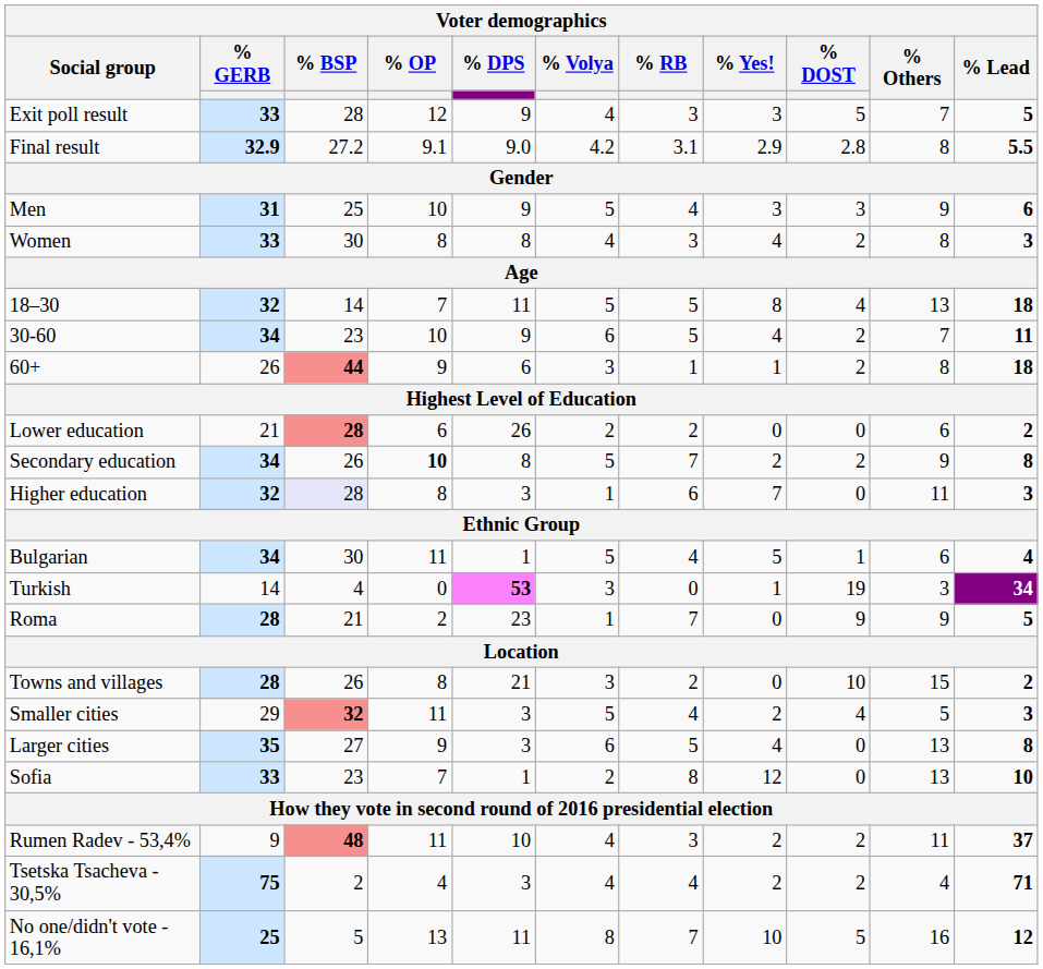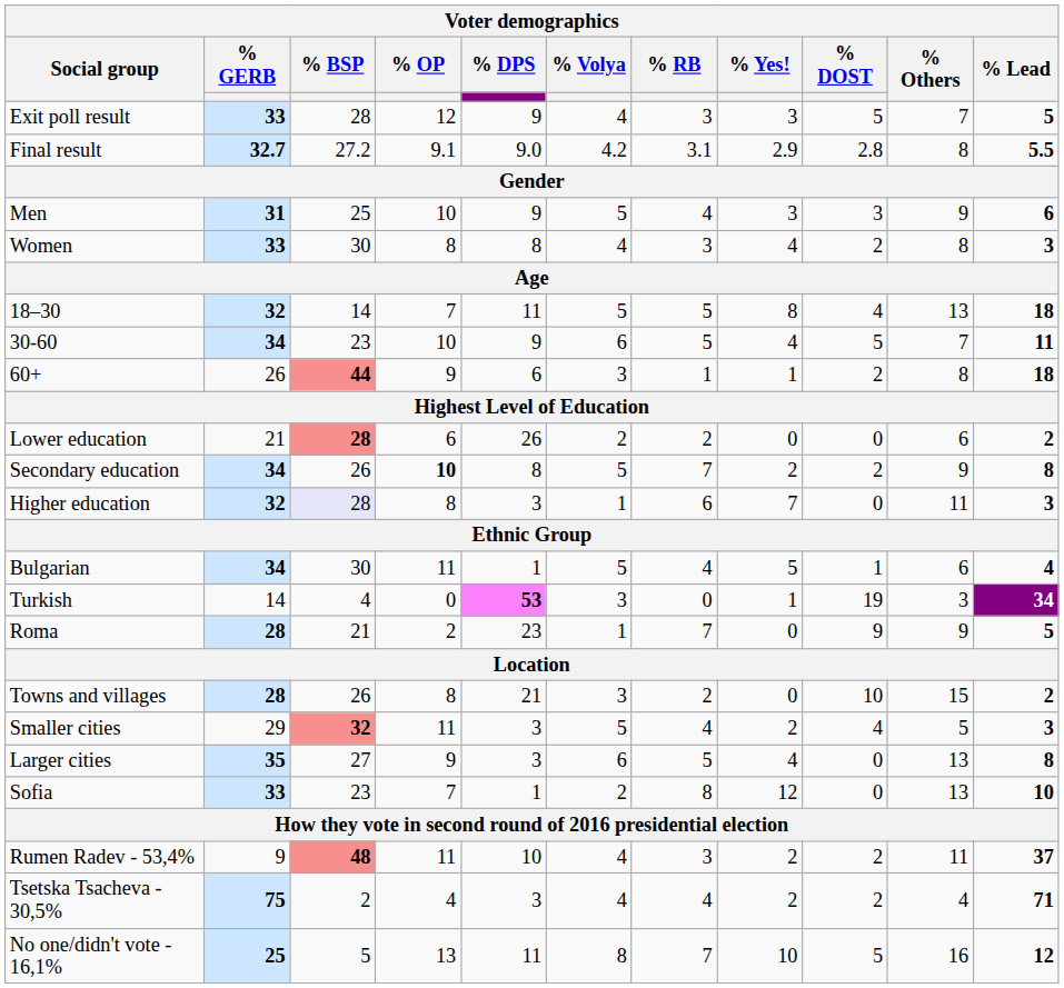 <table class=wikitable>
 <tr>
 <th colspan="11">Voter demographics</th>
 </tr>
 <tr>
 <th style="width:150px;" rowspan="2">Social group</th>
 <th style="width:60px;" class="unsortable">% <a href='#'>GERB</a></th>
 <th style="width:60px;" class="unsortable">% <a href='#'>BSP</a></th>
 <th style="width:60px;" class="unsortable">% <a href='#'>OP</a></th>
 <th style="width:60px;" class="unsortable">% <a href='#'>DPS</a></th>
 <th style="width:60px;" class="unsortable">% <a href='#'>Volya</a></th>
 <th style="width:60px;" class="unsortable">% <a href='#'>RB</a></th>
 <th style="width:60px;" class="unsortable">% <a href='#'>Yes!</a></th>
 <th style="width:60px;" class="unsortable">% <a href='#'>DOST</a></th>
 <th style="width:60px;" rowspan="2" class="unsortable">% Others</th>
 <th style="width:60px;" rowspan="2" class="unsortable">% Lead</th>
 </tr>
 <tr>
 <th class="unsortable" style="color:inherit;background:"></th>
 <th class="unsortable" style="color:inherit;background:"></th>
 <th class="unsortable" style="color:inherit;background:"></th>
 <th class="unsortable" style="color:inherit;background:#800080;  width:60px;"></th>
 <th class="unsortable" style="color:inherit;background:"></th>
 <th class="unsortable" style="color:inherit;background:"></th>
 <th class="unsortable" style="color:inherit;background:"></th>
 <th class="unsortable" style="color:inherit;background:"></th>
 </tr>
 <tr>
 <td>Exit poll result</td>
 <td style="text-align:right; background:#CCE6FF;"><strong>33</strong></td>
 <td style="text-align:right;">28</td>
 <td style="text-align:right;">12</td>
 <td style="text-align:right;">9</td>
 <td style="text-align:right;">4</td>
 <td style="text-align:right;">3</td>
 <td style="text-align:right;">3</td>
 <td style="text-align:right;">5</td>
 <td style="text-align:right;">7</td>
 <td style="text-align:right; background:"><strong>5</strong></td>
 </tr>
 <tr>
 <td>Final result</td>
-<td style="text-align:right; background:#CCE6FF;"><strong>32.9</strong></td>
+<td style="text-align:right; background:#CCE6FF;"><strong>32.7</strong></td>
 <td style="text-align:right;">27.2</td>
 <td style="text-align:right;">9.1</td>
 <td style="text-align:right;">9.0</td>
 <td style="text-align:right;">4.2</td>
 <td style="text-align:right;">3.1</td>
 <td style="text-align:right;">2.9</td>
 <td style="text-align:right;">2.8</td>
 <td style="text-align:right;">8</td>
 <td style="text-align:right; background:"><strong>5.5</strong></td>
 </tr>
 <tr>
 <th colspan="11">Gender</th>
 </tr>
 <tr>
 <td>Men</td>
 <td style="text-align:right; background:#CCE6FF;"><strong>31</strong></td>
 <td style="text-align:right;">25</td>
 <td style="text-align:right;">10</td>
 <td style="text-align:right;">9</td>
 <td style="text-align:right;">5</td>
 <td style="text-align:right;">4</td>
 <td style="text-align:right;">3</td>
 <td style="text-align:right;">3</td>
 <td style="text-align:right;">9</td>
 <td style="text-align:right; background:"><strong>6</strong></td>
 </tr>
 <tr>
 <td>Women</td>
 <td style="text-align:right; background:#CCE6FF;"><strong>33</strong></td>
 <td style="text-align:right;">30</td>
 <td style="text-align:right;">8</td>
 <td style="text-align:right;">8</td>
 <td style="text-align:right;">4</td>
 <td style="text-align:right;">3</td>
 <td style="text-align:right;">4</td>
 <td style="text-align:right;">2</td>
 <td style="text-align:right;">8</td>
 <td style="text-align:right; background:"><strong>3</strong></td>
 </tr>
 <tr>
 <th colspan="11">Age</th>
 </tr>
 <tr>
 <td>18–30</td>
 <td style="text-align:right; background:#CCE6FF;"><strong>32</strong></td>
 <td style="text-align:right;">14</td>
 <td style="text-align:right;">7</td>
 <td style="text-align:right;">11</td>
 <td style="text-align:right;">5</td>
 <td style="text-align:right;">5</td>
 <td style="text-align:right;">8</td>
 <td style="text-align:right;">4</td>
 <td style="text-align:right;">13</td>
 <td style="text-align:right; background:"><strong>18</strong></td>
 </tr>
 <tr>
 <td>30-60</td>
 <td style="text-align:right; background:#CCE6FF;"><strong>34</strong></td>
 <td style="text-align:right;">23</td>
 <td style="text-align:right;">10</td>
 <td style="text-align:right;">9</td>
 <td style="text-align:right;">6</td>
 <td style="text-align:right;">5</td>
 <td style="text-align:right;">4</td>
-<td style="text-align:right;">2</td>
+<td style="text-align:right;">5</td>
 <td style="text-align:right;">7</td>
 <td style="text-align:right; background:"><strong>11</strong></td>
 </tr>
 <tr>
 <td>60+</td>
 <td style="text-align:right;">26</td>
 <td style="text-align:right; background:#F78F8F;"><strong>44</strong></td>
 <td style="text-align:right;">9</td>
 <td style="text-align:right;">6</td>
 <td style="text-align:right;">3</td>
 <td style="text-align:right;">1</td>
 <td style="text-align:right;">1</td>
 <td style="text-align:right;">2</td>
 <td style="text-align:right;">8</td>
 <td style="text-align:right; background:"><strong>18</strong></td>
 </tr>
 <tr>
 <th colspan="11">Highest Level of Education</th>
 </tr>
 <tr>
 <td>Lower education</td>
 <td style="text-align:right;">21</td>
 <td style="text-align:right; background:#F78F8F;"><strong>28</strong></td>
 <td style="text-align:right;">6</td>
 <td style="text-align:right;">26</td>
 <td style="text-align:right;">2</td>
 <td style="text-align:right;">2</td>
 <td style="text-align:right;">0</td>
 <td style="text-align:right;">0</td>
 <td style="text-align:right;">6</td>
 <td style="text-align:right; background:"><strong>2</strong></td>
 </tr>
 <tr>
 <td>Secondary education</td>
 <td style="text-align:right; background:#CCE6FF;"><strong>34</strong></td>
 <td style="text-align:right;">26</td>
 <td style="text-align:right;"><strong>10</strong></td>
 <td style="text-align:right;">8</td>
 <td style="text-align:right;">5</td>
 <td style="text-align:right;">7</td>
 <td style="text-align:right;">2</td>
 <td style="text-align:right;">2</td>
 <td style="text-align:right;">9</td>
 <td style="text-align:right; background:"><strong>8</strong></td>
 </tr>
 <tr>
 <td>Higher education</td>
 <td style="text-align:right; background:#CCE6FF;"><strong>32</strong></td>
 <td style="background: lavender; text-align:right;">28</td>
 <td style="text-align:right;">8</td>
 <td style="text-align:right;">3</td>
 <td style="text-align:right;">1</td>
 <td style="text-align:right;">6</td>
 <td style="text-align:right;">7</td>
 <td style="text-align:right;">0</td>
 <td style="text-align:right;">11</td>
 <td style="text-align:right; background:"><strong>3</strong></td>
 </tr>
 <tr>
 <th colspan="11">Ethnic Group</th>
 </tr>
 <tr>
 <td>Bulgarian</td>
 <td style="text-align:right; background:#CCE6FF;"><strong>34</strong></td>
 <td style="text-align:right;">30</td>
 <td style="text-align:right;">11</td>
 <td style="text-align:right;">1</td>
 <td style="text-align:right;">5</td>
 <td style="text-align:right;">4</td>
 <td style="text-align:right;">5</td>
 <td style="text-align:right;">1</td>
 <td style="text-align:right;">6</td>
 <td style="text-align:right; background:"><strong>4</strong></td>
 </tr>
 <tr>
 <td>Turkish</td>
 <td style="text-align:right;">14</td>
 <td style="text-align:right;">4</td>
 <td style="text-align:right;">0</td>
 <td style="text-align:right; background:#FC81FC"><strong>53</strong></td>
 <td style="text-align:right;">3</td>
 <td style="text-align:right;">0</td>
 <td style="text-align:right;">1</td>
 <td style="text-align:right;">19</td>
 <td style="text-align:right;">3</td>
 <td style="text-align:right; background:#800080; color:white;"><strong>34</strong></td>
 </tr>
 <tr>
 <td>Roma</td>
 <td style="text-align:right; background:#CCE6FF;"><strong>28</strong></td>
 <td style="text-align:right;">21</td>
 <td style="text-align:right;">2</td>
 <td style="text-align:right;">23</td>
 <td style="text-align:right;">1</td>
 <td style="text-align:right;">7</td>
 <td style="text-align:right;">0</td>
 <td style="text-align:right;">9</td>
 <td style="text-align:right;">9</td>
 <td style="text-align:right; background:"><strong>5</strong></td>
 </tr>
 <tr>
 <th colspan="11">Location</th>
 </tr>
 <tr>
 <td>Towns and villages</td>
 <td style="text-align:right; background:#CCE6FF;"><strong>28</strong></td>
 <td style="text-align:right;">26</td>
 <td style="text-align:right;">8</td>
 <td style="text-align:right;">21</td>
 <td style="text-align:right;">3</td>
 <td style="text-align:right;">2</td>
 <td style="text-align:right;">0</td>
 <td style="text-align:right;">10</td>
 <td style="text-align:right;">15</td>
 <td style="text-align:right; background:"><strong>2</strong></td>
 </tr>
 <tr>
 <td>Smaller cities</td>
 <td style="text-align:right;">29</td>
 <td style="text-align:right; background:#F78F8F;"><strong>32</strong></td>
 <td style="text-align:right;">11</td>
 <td style="text-align:right;">3</td>
 <td style="text-align:right;">5</td>
 <td style="text-align:right;">4</td>
 <td style="text-align:right;">2</td>
 <td style="text-align:right;">4</td>
 <td style="text-align:right;">5</td>
 <td style="text-align:right; background:"><strong>3</strong></td>
 </tr>
 <tr>
 <td>Larger cities</td>
 <td style="text-align:right; background:#CCE6FF;"><strong>35</strong></td>
 <td style="text-align:right;">27</td>
 <td style="text-align:right;">9</td>
 <td style="text-align:right;">3</td>
 <td style="text-align:right;">6</td>
 <td style="text-align:right;">5</td>
 <td style="text-align:right;">4</td>
 <td style="text-align:right;">0</td>
 <td style="text-align:right;">13</td>
 <td style="text-align:right; background:"><strong>8</strong></td>
 </tr>
 <tr>
 <td>Sofia</td>
 <td style="text-align:right; background:#CCE6FF;"><strong>33</strong></td>
 <td style="text-align:right;">23</td>
 <td style="text-align:right;">7</td>
 <td style="text-align:right;">1</td>
 <td style="text-align:right;">2</td>
 <td style="text-align:right;">8</td>
 <td style="text-align:right;">12</td>
 <td style="text-align:right;">0</td>
 <td style="text-align:right;">13</td>
 <td style="text-align:right; background:"><strong>10</strong></td>
 </tr>
 <tr>
 <th colspan="11">How they vote in second round of 2016 presidential election</th>
 </tr>
 <tr>
 <td>Rumen Radev - 53,4%</td>
 <td style="text-align:right;">9</td>
 <td style="text-align:right; background:#F78F8F;"><strong>48</strong></td>
 <td style="text-align:right;">11</td>
 <td style="text-align:right;">10</td>
 <td style="text-align:right;">4</td>
 <td style="text-align:right;">3</td>
 <td style="text-align:right;">2</td>
 <td style="text-align:right;">2</td>
 <td style="text-align:right;">11</td>
 <td style="text-align:right; background:"><strong>37</strong></td>
 </tr>
 <tr>
 <td>Tsetska Tsacheva - 30,5%</td>
 <td style="text-align:right; background:#CCE6FF;"><strong>75</strong></td>
 <td style="text-align:right;">2</td>
 <td style="text-align:right;">4</td>
 <td style="text-align:right;">3</td>
 <td style="text-align:right;">4</td>
 <td style="text-align:right;">4</td>
 <td style="text-align:right;">2</td>
 <td style="text-align:right;">2</td>
 <td style="text-align:right;">4</td>
 <td style="text-align:right; background:"><strong>71</strong></td>
 </tr>
 <tr>
 <td>No one/didn't vote - 16,1%</td>
 <td style="text-align:right; background:#CCE6FF;"><strong>25</strong></td>
 <td style="text-align:right;">5</td>
 <td style="text-align:right;">13</td>
 <td style="text-align:right;">11</td>
 <td style="text-align:right;">8</td>
 <td style="text-align:right;">7</td>
 <td style="text-align:right;">10</td>
 <td style="text-align:right;">5</td>
 <td style="text-align:right;">16</td>
 <td style="text-align:right; background:"><strong>12</strong></td>
 </tr>
 <tr>
 </tr>
 </table>
